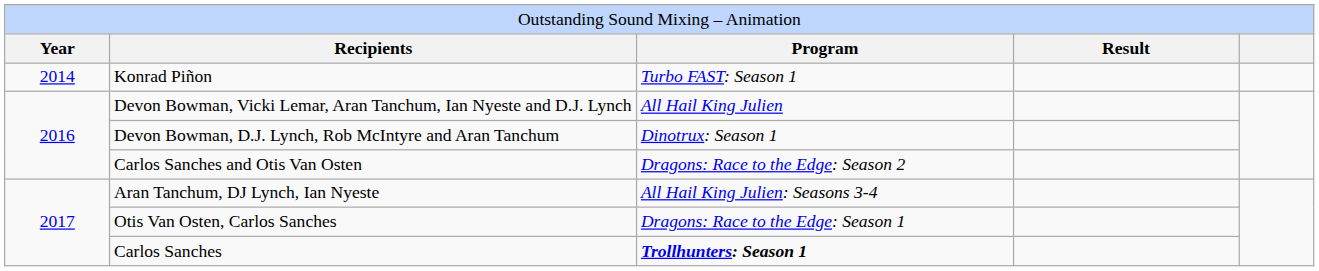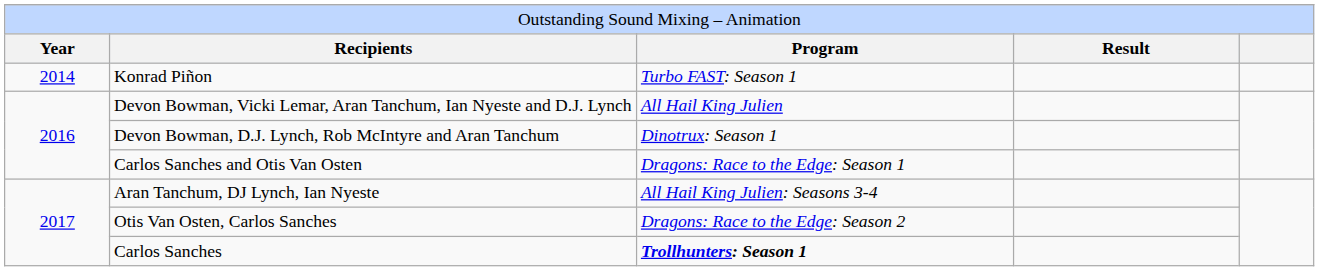 <table class="wikitable plainrowheaders" style="font-size: 90%" width=85%>
 <tr>
 </tr>
 <tr ---- bgcolor="#bfd7ff">
 <td colspan=6 align=center>Outstanding Sound Mixing – Animation</td>
 </tr>
 <tr ---- bgcolor="#ebf5ff">
 <th scope="col" style="width:7%;">Year</th>
 <th scope="col" style="width:35%;">Recipients</th>
 <th scope="col" style="width:25%;">Program</th>
 <th scope="col" style="width:15%;">Result</th>
 <th scope="col" class="unsortable" style="width:5%;"></th>
 </tr>
 <tr>
 <td style="text-align:center;"><a href='#'>2014</a></td>
 <td>Konrad Piñon</td>
 <td><em><a href='#'>Turbo FAST</a>: Season 1</em></td>
 <td></td>
 <td style="text-align:center;"></td>
 </tr>
 <tr>
 <td rowspan="3" style="text-align:center;"><a href='#'>2016</a></td>
 <td>Devon Bowman, Vicki Lemar, Aran Tanchum, Ian Nyeste and D.J. Lynch</td>
 <td><em><a href='#'>All Hail King Julien</a></em></td>
 <td></td>
 <td rowspan="3" style="text-align:center;"></td>
 </tr>
 <tr>
 <td>Devon Bowman, D.J. Lynch, Rob McIntyre and Aran Tanchum</td>
 <td><em><a href='#'>Dinotrux</a>: Season 1</em></td>
 <td></td>
 </tr>
 <tr>
 <td>Carlos Sanches and Otis Van Osten</td>
-<td><em><a href='#'>Dragons: Race to the Edge</a>: Season 2</em></td>
+<td><em><a href='#'>Dragons: Race to the Edge</a>: Season 1</em></td>
 <td></td>
 </tr>
 <tr>
 <td rowspan="3" style="text-align:center;"><a href='#'>2017</a></td>
 <td>Aran Tanchum, DJ Lynch, Ian Nyeste</td>
 <td><em><a href='#'>All Hail King Julien</a>: Seasons 3-4</em></td>
 <td></td>
 <td rowspan="3" style="text-align:center;"></td>
 </tr>
 <tr>
 <td>Otis Van Osten, Carlos Sanches</td>
-<td><em><a href='#'>Dragons: Race to the Edge</a>: Season 1</em></td>
+<td><em><a href='#'>Dragons: Race to the Edge</a>: Season 2</em></td>
 <td></td>
 </tr>
 <tr>
 <td>Carlos Sanches</td>
 <td><strong><em><a href='#'>Trollhunters</a>: Season 1</em></strong></td>
 <td></td>
 </tr>
 </table>
